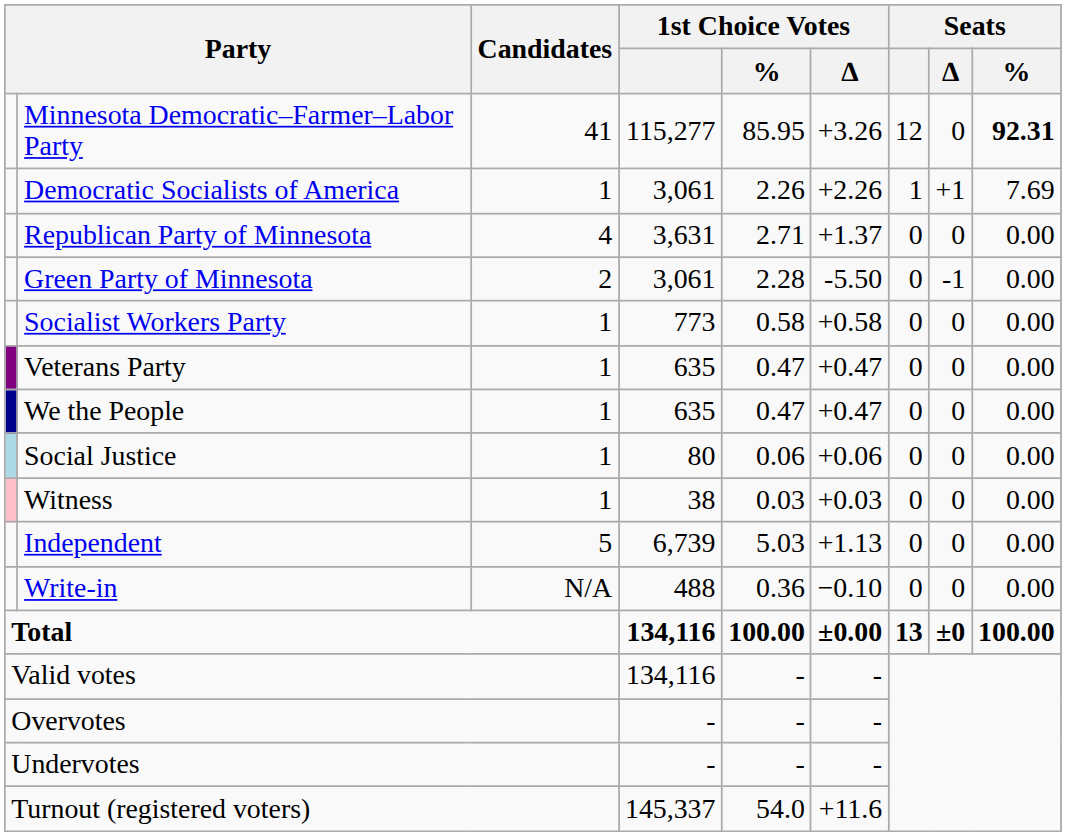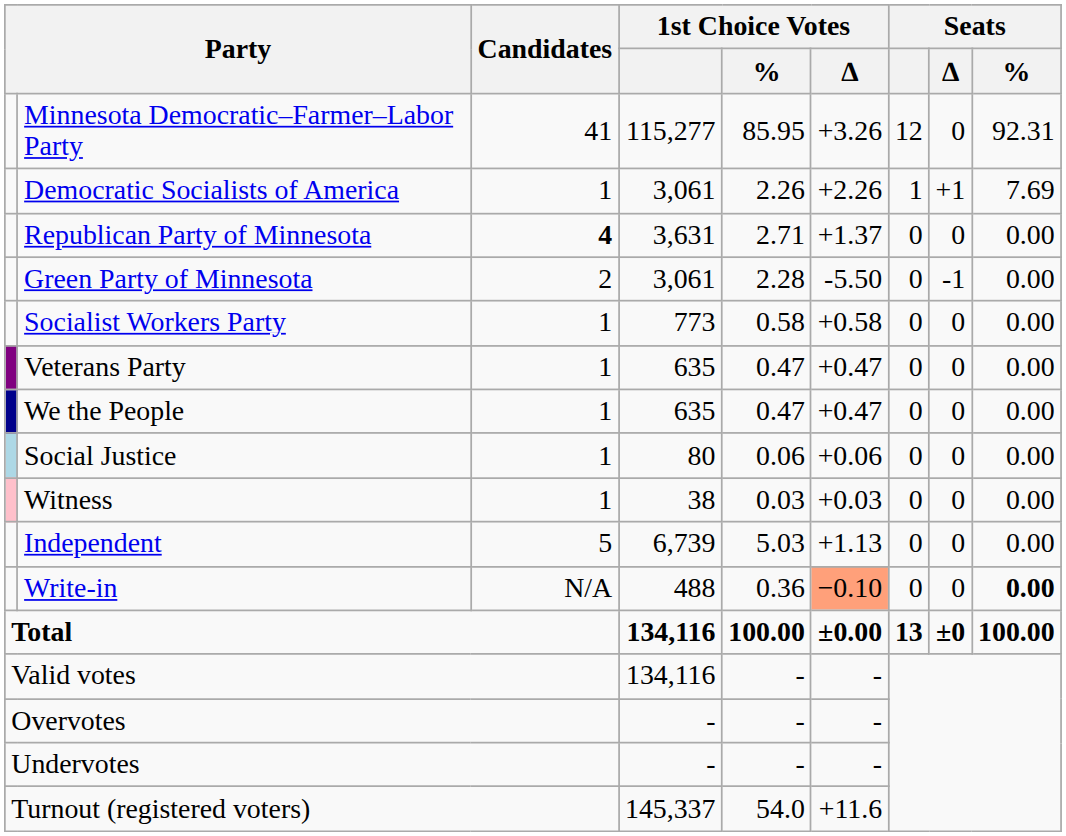 <table class="wikitable">
 <tr>
 <th rowspan="2" colspan="2">Party</th>
 <th rowspan="2">Candidates</th>
 <th colspan="3">1st Choice Votes</th>
 <th colspan="3">Seats</th>
 </tr>
 <tr>
 <th></th>
 <th>%</th>
 <th>∆</th>
 <th></th>
 <th>∆</th>
 <th>%</th>
 </tr>
 <tr>
 <td style="background-color:"></td>
 <td><a href='#'>Minnesota Democratic–Farmer–Labor Party</a></td>
 <td align="right">41</td>
 <td align="right">115,277</td>
 <td align="right">85.95</td>
 <td align="right">+3.26</td>
 <td align="right">12</td>
 <td align="right">0</td>
-<td align="right"><strong>92.31</strong></td>
+<td align="right">92.31</td>
 </tr>
 <tr>
 <td style="background-color:"></td>
 <td><a href='#'>Democratic Socialists of America</a></td>
 <td align="right">1</td>
 <td align="right">3,061</td>
 <td align="right">2.26</td>
 <td align="right">+2.26</td>
 <td align="right">1</td>
 <td align="right">+1</td>
 <td align="right">7.69</td>
 </tr>
 <tr>
 <td style="background-color:"></td>
 <td><a href='#'>Republican Party of Minnesota</a></td>
-<td align="right">4</td>
+<td align="right"><strong>4</strong></td>
 <td align="right">3,631</td>
 <td align="right">2.71</td>
 <td align="right">+1.37</td>
 <td align="right">0</td>
 <td align="right">0</td>
 <td align="right">0.00</td>
 </tr>
 <tr>
 <td style="background-color:"></td>
 <td><a href='#'>Green Party of Minnesota</a></td>
 <td align="right">2</td>
 <td align="right">3,061</td>
 <td align="right">2.28</td>
 <td align="right">-5.50</td>
 <td align="right">0</td>
 <td align="right">-1</td>
 <td align="right">0.00</td>
 </tr>
 <tr>
 <td style="background-color:"></td>
 <td><a href='#'>Socialist Workers Party</a></td>
 <td align="right">1</td>
 <td align="right">773</td>
 <td align="right">0.58</td>
 <td align="right">+0.58</td>
 <td align="right">0</td>
 <td align="right">0</td>
 <td align="right">0.00</td>
 </tr>
 <tr>
 <td style="background-color:purple"></td>
 <td>Veterans Party</td>
 <td align="right">1</td>
 <td align="right">635</td>
 <td align="right">0.47</td>
 <td align="right">+0.47</td>
 <td align="right">0</td>
 <td align="right">0</td>
 <td align="right">0.00</td>
 </tr>
 <tr>
 <td style="background-color:darkblue"></td>
 <td>We the People</td>
 <td align="right">1</td>
 <td align="right">635</td>
 <td align="right">0.47</td>
 <td align="right">+0.47</td>
 <td align="right">0</td>
 <td align="right">0</td>
 <td align="right">0.00</td>
 </tr>
 <tr>
 <td style="background-color:lightblue"></td>
 <td>Social Justice</td>
 <td align="right">1</td>
 <td align="right">80</td>
 <td align="right">0.06</td>
 <td align="right">+0.06</td>
 <td align="right">0</td>
 <td align="right">0</td>
 <td align="right">0.00</td>
 </tr>
 <tr>
 <td style="background-color:pink"></td>
 <td>Witness</td>
 <td align="right">1</td>
 <td align="right">38</td>
 <td align="right">0.03</td>
 <td align="right">+0.03</td>
 <td align="right">0</td>
 <td align="right">0</td>
 <td align="right">0.00</td>
 </tr>
 <tr>
 <td style="background-color:"></td>
 <td><a href='#'>Independent</a></td>
 <td align="right">5</td>
 <td align="right">6,739</td>
 <td align="right">5.03</td>
 <td align="right">+1.13</td>
 <td align="right">0</td>
 <td align="right">0</td>
 <td align="right">0.00</td>
 </tr>
 <tr>
 <td style="background-color:"></td>
 <td><a href='#'>Write-in</a></td>
 <td align="right">N/A</td>
 <td align="right">488</td>
 <td align="right">0.36</td>
-<td align="right">−0.10</td>
+<td align="right" style="background: lightsalmon;">−0.10</td>
 <td align="right">0</td>
 <td align="right">0</td>
-<td align="right">0.00</td>
+<td align="right"><strong>0.00</strong></td>
 </tr>
 <tr>
 <td colspan="3" align="left"><strong>Total</strong></td>
 <td align="right"><strong>134,116</strong></td>
 <td align="right"><strong>100.00</strong></td>
 <td align="right"><strong>±0.00</strong></td>
 <td align="right"><strong>13</strong></td>
 <td align="right"><strong>±0</strong></td>
 <td align="right"><strong>100.00</strong></td>
 </tr>
 <tr>
 <td colspan="3" align="left">Valid votes</td>
 <td colspan="1" align="right">134,116</td>
 <td colspan="1" align="right">-</td>
 <td colspan="1" align="right">-</td>
 <td colspan="3" rowspan="4"></td>
 </tr>
 <tr>
 <td colspan="3" align="left">Overvotes</td>
 <td colspan="1" align="right">-</td>
 <td colspan="1" align="right">-</td>
 <td colspan="1" align="right">-</td>
 </tr>
 <tr>
 <td colspan="3" align="left">Undervotes</td>
 <td colspan="1" align="right">-</td>
 <td colspan="1" align="right">-</td>
 <td colspan="1" align="right">-</td>
 </tr>
 <tr>
 <td colspan="3" align="left">Turnout (registered voters)</td>
 <td colspan="1" align="right">145,337</td>
 <td colspan="1" align="right">54.0</td>
 <td colspan="1" align="right">+11.6</td>
 </tr>
 </table>
